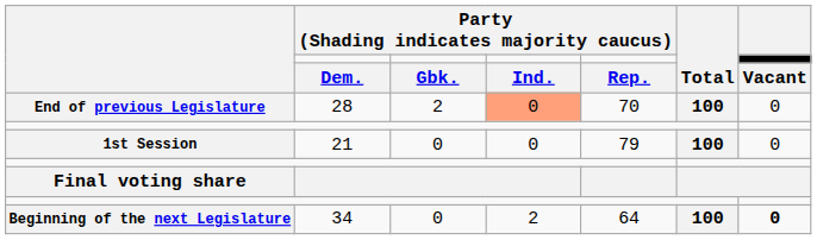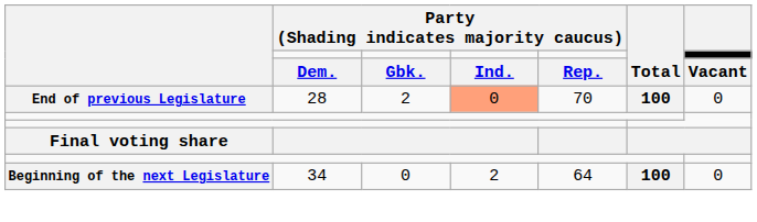 <table class=wikitable style="text-align:center">
 <tr style="vertical-align:bottom;">
 <th rowspan=3></th>
 <th colspan=4>Party <div>(Shading indicates majority caucus)</div></th>
 <th rowspan=3>Total</th>
 <th></th>
 </tr>
 <tr style="height:5px">
 <td style="background-color:"></td>
 <td style="background-color:"></td>
 <td style="background-color:"></td>
 <td style="background-color:"></td>
 <td style="background:black;"></td>
 </tr>
 <tr>
 <th><a href='#'>Dem.</a></th>
 <th><a href='#'>Gbk.</a></th>
 <th><a href='#'>Ind.</a></th>
 <th><a href='#'>Rep.</a></th>
 <th>Vacant</th>
 </tr>
 <tr>
 <th style="font-size:80%;">End of <a href='#'>previous Legislature</a></th>
 <td>28</td>
 <td>2</td>
 <td style="background: lightsalmon;">0</td>
 <td>70</td>
 <th>100</th>
 <td>0</td>
 </tr>
 <tr>
 <td colspan=6></td>
 </tr>
 <tr>
-<th style="font-size:80%;">1st Session</th>
-<td>21</td>
-<td>0</td>
-<td>0</td>
-<td>79</td>
-<th>100</th>
-<td>0</td>
-</tr>
-<tr>
 <td colspan=5></td>
 </tr>
 <tr>
 <th>Final voting share</th>
 <th colspan=3></th>
 <th></th>
 <th colspan=2></th>
 </tr>
 <tr>
 <td colspan=6></td>
 </tr>
 <tr>
 <th style="font-size:80%;">Beginning of the <a href='#'>next Legislature</a></th>
 <td>34</td>
 <td>0</td>
 <td>2</td>
 <td>64</td>
 <th>100</th>
-<td><strong>0</strong></td>
+<td>0</td>
 </tr>
 </table>
